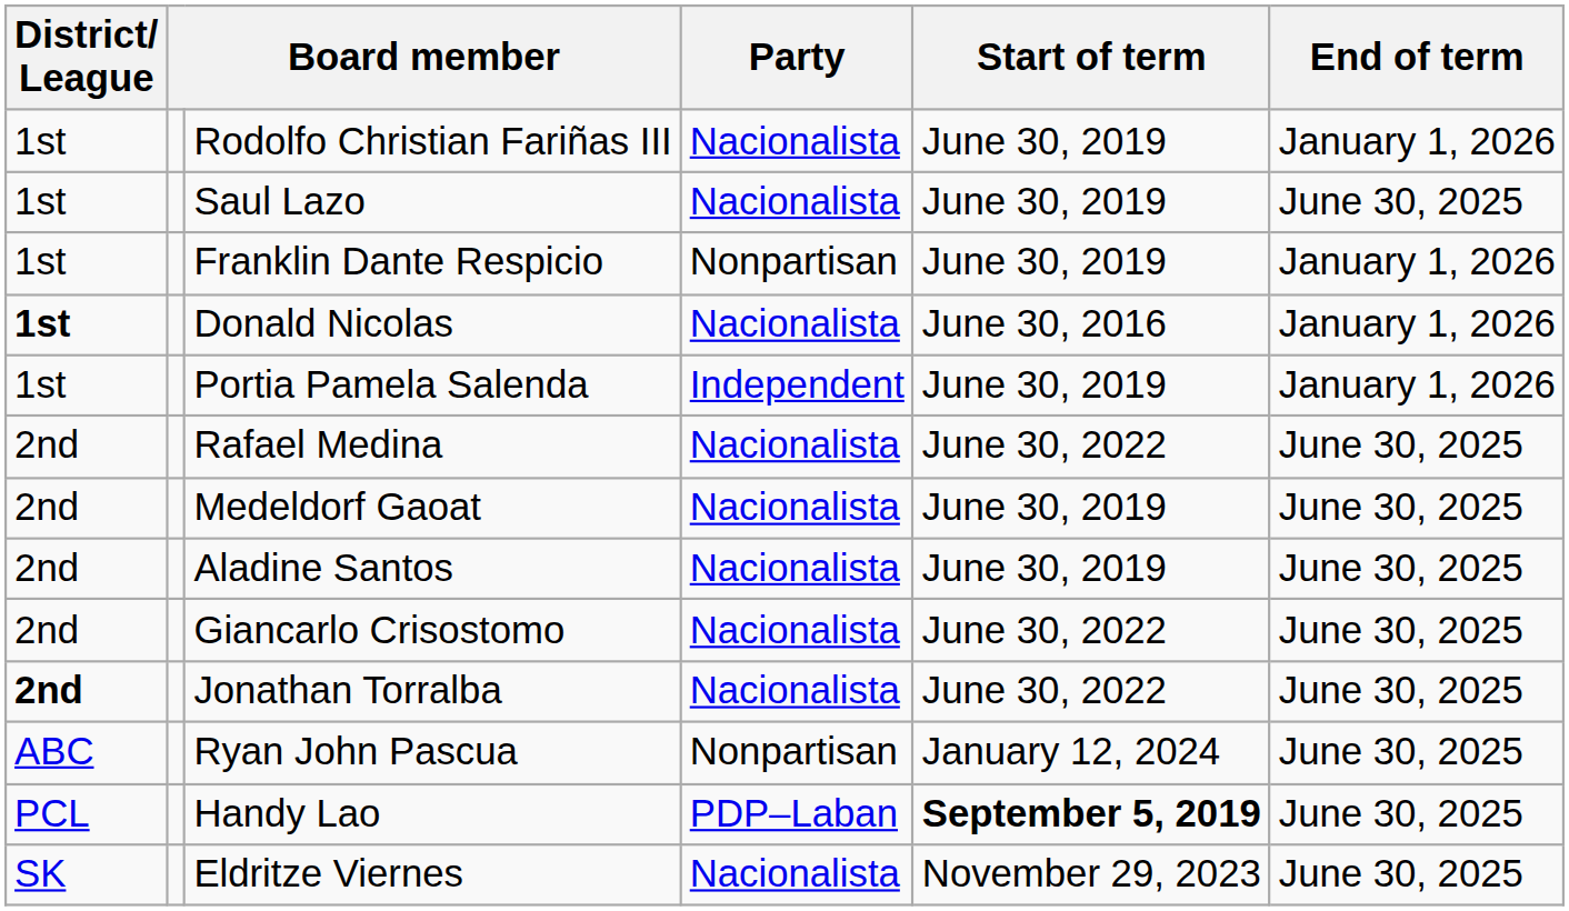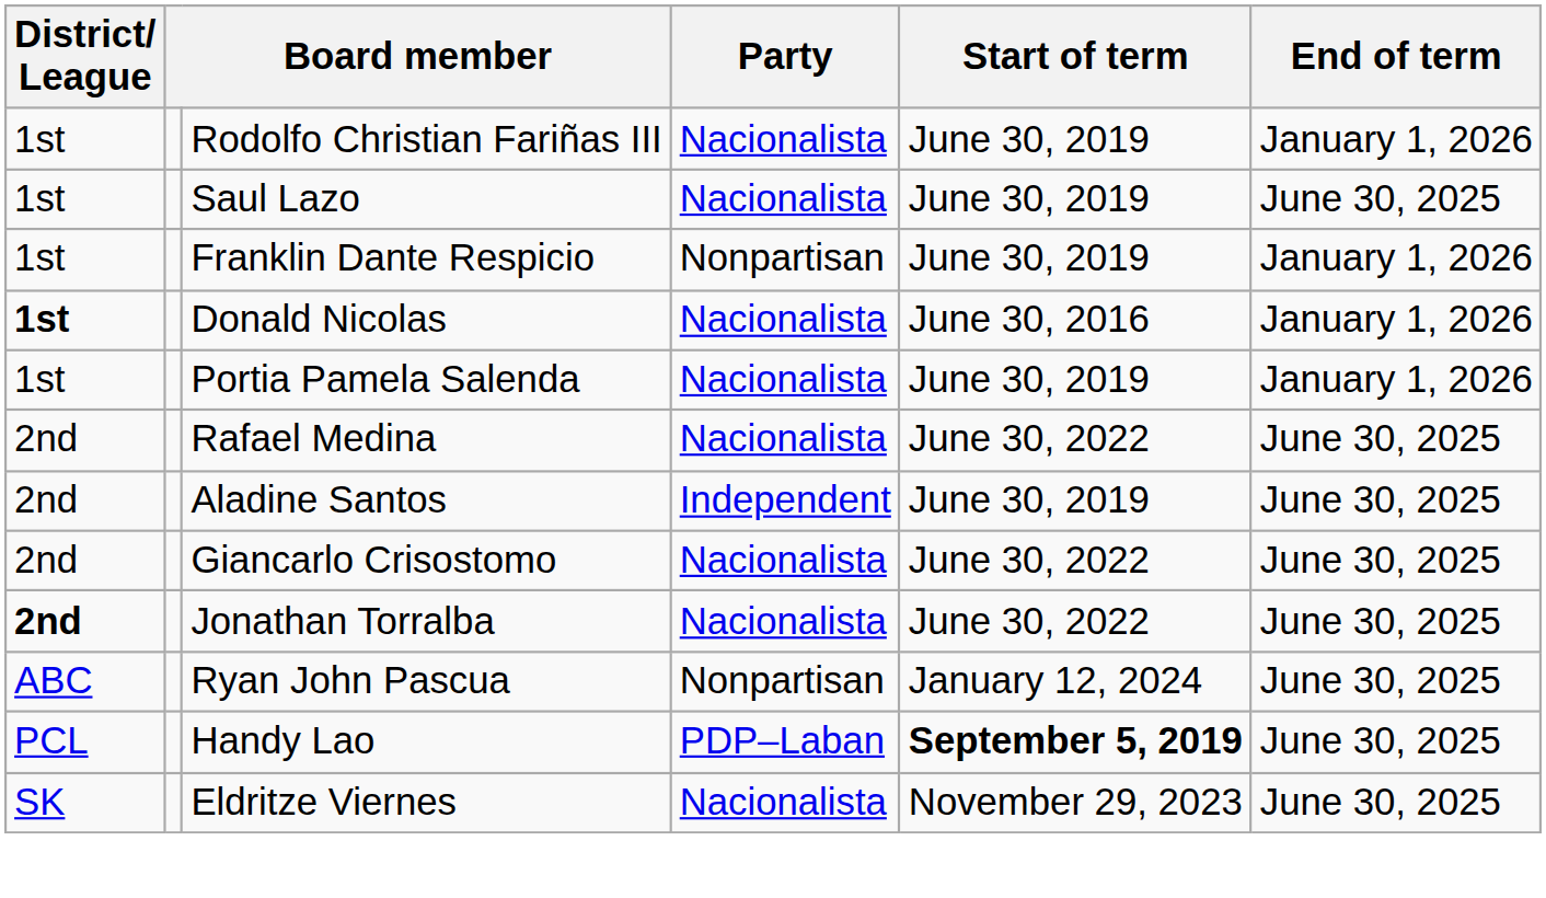 <table class="wikitable">
 <tr>
 <th>District/<br>League</th>
 <th colspan="2">Board member</th>
 <th>Party</th>
 <th>Start of term</th>
 <th>End of term</th>
 </tr>
 <tr>
 <td>1st</td>
 <td></td>
 <td>Rodolfo Christian Fariñas III</td>
 <td><a href='#'>Nacionalista</a></td>
 <td>June 30, 2019</td>
 <td>January 1, 2026</td>
 </tr>
 <tr>
 <td>1st</td>
 <td></td>
 <td>Saul Lazo</td>
 <td><a href='#'>Nacionalista</a></td>
 <td>June 30, 2019</td>
 <td>June 30, 2025</td>
 </tr>
 <tr>
 <td>1st</td>
 <td></td>
 <td>Franklin Dante Respicio</td>
 <td>Nonpartisan</td>
 <td>June 30, 2019</td>
 <td>January 1, 2026</td>
 </tr>
 <tr>
 <td><strong>1st</strong></td>
 <td></td>
 <td>Donald Nicolas</td>
 <td><a href='#'>Nacionalista</a></td>
 <td>June 30, 2016</td>
 <td>January 1, 2026</td>
 </tr>
 <tr>
 <td>1st</td>
 <td></td>
 <td>Portia Pamela Salenda</td>
-<td><a href='#'>Independent</a></td>
+<td><a href='#'>Nacionalista</a></td>
 <td>June 30, 2019</td>
 <td>January 1, 2026</td>
 </tr>
 <tr>
 <td>2nd</td>
 <td></td>
 <td>Rafael Medina</td>
 <td><a href='#'>Nacionalista</a></td>
 <td>June 30, 2022</td>
 <td>June 30, 2025</td>
 </tr>
 <tr>
 <td>2nd</td>
 <td></td>
-<td>Medeldorf Gaoat</td>
-<td><a href='#'>Nacionalista</a></td>
-<td>June 30, 2019</td>
-<td>June 30, 2025</td>
-</tr>
-<tr>
-<td>2nd</td>
-<td></td>
 <td>Aladine Santos</td>
-<td><a href='#'>Nacionalista</a></td>
+<td><a href='#'>Independent</a></td>
 <td>June 30, 2019</td>
 <td>June 30, 2025</td>
 </tr>
 <tr>
 <td>2nd</td>
 <td></td>
 <td>Giancarlo Crisostomo</td>
 <td><a href='#'>Nacionalista</a></td>
 <td>June 30, 2022</td>
 <td>June 30, 2025</td>
 </tr>
 <tr>
 <td><strong>2nd</strong></td>
 <td></td>
 <td>Jonathan Torralba</td>
 <td><a href='#'>Nacionalista</a></td>
 <td>June 30, 2022</td>
 <td>June 30, 2025</td>
 </tr>
 <tr>
 <td><a href='#'>ABC</a></td>
 <td></td>
 <td>Ryan John Pascua</td>
 <td>Nonpartisan</td>
 <td>January 12, 2024</td>
 <td>June 30, 2025</td>
 </tr>
 <tr>
 <td><a href='#'>PCL</a></td>
 <td></td>
 <td>Handy Lao</td>
 <td><a href='#'>PDP–Laban</a></td>
 <td><strong>September 5, 2019</strong></td>
 <td>June 30, 2025</td>
 </tr>
 <tr>
 <td><a href='#'>SK</a></td>
 <td></td>
 <td>Eldritze Viernes</td>
 <td><a href='#'>Nacionalista</a></td>
 <td>November 29, 2023</td>
 <td>June 30, 2025</td>
 </tr>
 </table>
